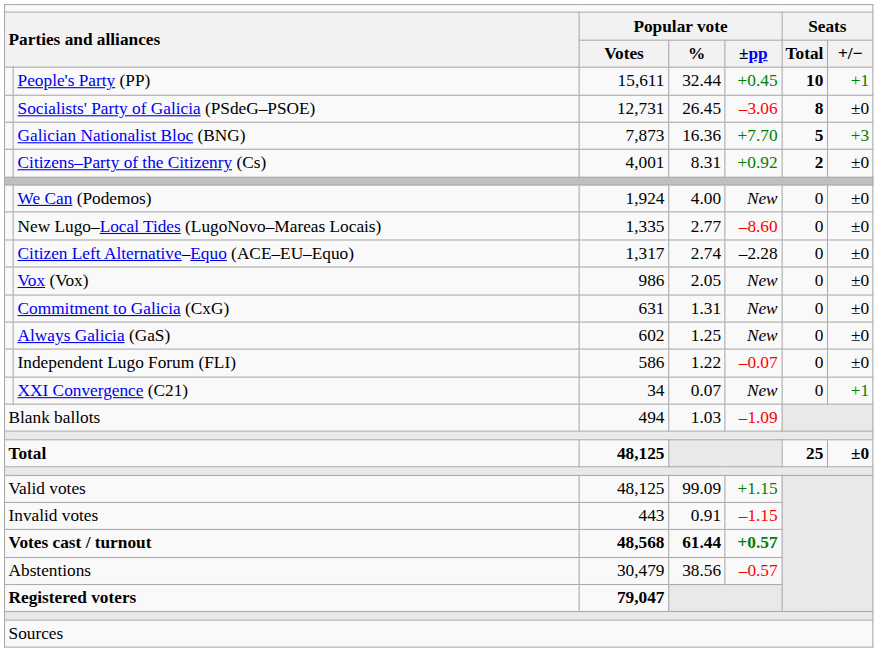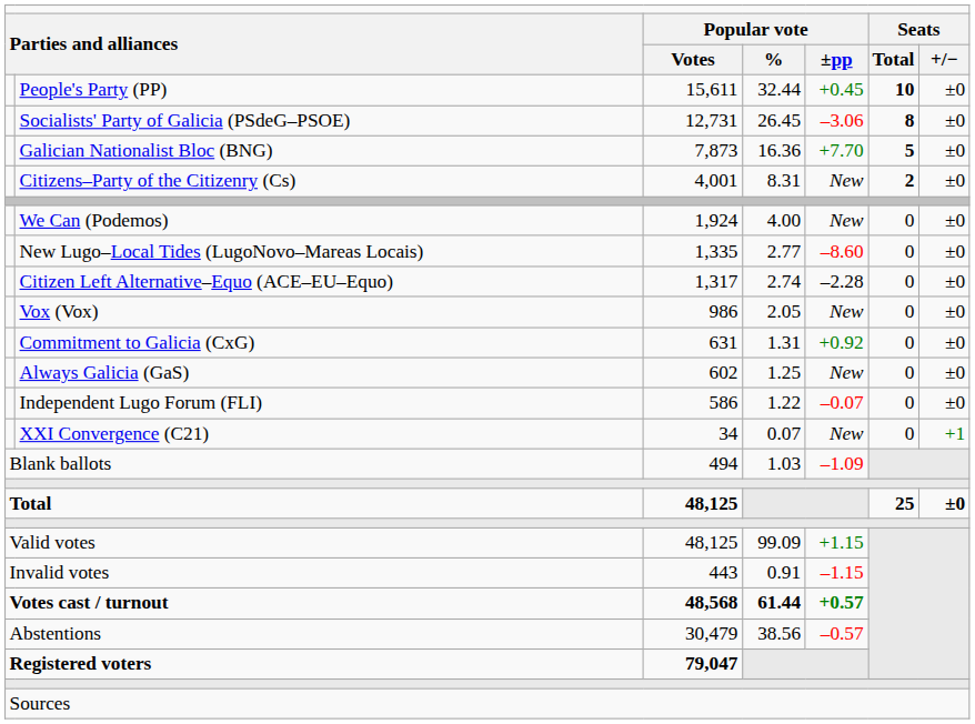 <table class="wikitable" style="text-align:right;">
 <tr>
 <td colspan="7"></td>
 </tr>
 <tr>
 <th style="text-align:left;" rowspan="2" colspan="2" width="525">Parties and alliances</th>
 <th colspan="3">Popular vote</th>
 <th colspan="2">Seats</th>
 </tr>
 <tr>
 <th width="75">Votes</th>
 <th width="45">%</th>
 <th width="45">±<a href='#'>pp</a></th>
 <th width="35">Total</th>
 <th width="35">+/−</th>
 </tr>
 <tr>
 <td width="1" style="color:inherit;background:"></td>
 <td align="left"><a href='#'>People's Party</a> (PP)</td>
 <td>15,611</td>
 <td>32.44</td>
 <td style="color:green;">+0.45</td>
 <td><strong>10</strong></td>
-<td style="color:green;">+1</td>
+<td>±0</td>
 </tr>
 <tr>
 <td style="color:inherit;background:"></td>
 <td align="left"><a href='#'>Socialists' Party of Galicia</a> (PSdeG–PSOE)</td>
 <td>12,731</td>
 <td>26.45</td>
 <td style="color:red;">–3.06</td>
 <td><strong>8</strong></td>
 <td>±0</td>
 </tr>
 <tr>
 <td style="color:inherit;background:"></td>
 <td align="left"><a href='#'>Galician Nationalist Bloc</a> (BNG)</td>
 <td>7,873</td>
 <td>16.36</td>
 <td style="color:green;">+7.70</td>
 <td><strong>5</strong></td>
-<td style="color:green;">+3</td>
+<td>±0</td>
 </tr>
 <tr>
 <td style="color:inherit;background:"></td>
 <td align="left"><a href='#'>Citizens–Party of the Citizenry</a> (Cs)</td>
 <td>4,001</td>
 <td>8.31</td>
-<td style="color:green;">+0.92</td>
+<td><em>New</em></td>
 <td><strong>2</strong></td>
 <td>±0</td>
 </tr>
 <tr>
 <td colspan="7" bgcolor="#C0C0C0"></td>
 </tr>
 <tr>
 <td style="color:inherit;background:"></td>
 <td align="left"><a href='#'>We Can</a> (Podemos)</td>
 <td>1,924</td>
 <td>4.00</td>
 <td><em>New</em></td>
 <td>0</td>
 <td>±0</td>
 </tr>
 <tr>
 <td style="color:inherit;background:"></td>
 <td align="left">New Lugo–<a href='#'>Local Tides</a> (LugoNovo–Mareas Locais)</td>
 <td>1,335</td>
 <td>2.77</td>
 <td style="color:red;">–8.60</td>
 <td>0</td>
 <td>±0</td>
 </tr>
 <tr>
 <td style="color:inherit;background:"></td>
 <td align="left"><a href='#'>Citizen Left Alternative</a>–<a href='#'>Equo</a> (ACE–EU–Equo)</td>
 <td>1,317</td>
 <td>2.74</td>
 <td>–2.28</td>
 <td>0</td>
 <td>±0</td>
 </tr>
 <tr>
 <td style="color:inherit;background:"></td>
 <td align="left"><a href='#'>Vox</a> (Vox)</td>
 <td>986</td>
 <td>2.05</td>
 <td><em>New</em></td>
 <td>0</td>
 <td>±0</td>
 </tr>
 <tr>
 <td style="color:inherit;background:"></td>
 <td align="left"><a href='#'>Commitment to Galicia</a> (CxG)</td>
 <td>631</td>
 <td>1.31</td>
-<td><em>New</em></td>
+<td style="color:green;">+0.92</td>
 <td>0</td>
 <td>±0</td>
 </tr>
 <tr>
 <td style="color:inherit;background:"></td>
 <td align="left"><a href='#'>Always Galicia</a> (GaS)</td>
 <td>602</td>
 <td>1.25</td>
 <td><em>New</em></td>
 <td>0</td>
 <td>±0</td>
 </tr>
 <tr>
 <td style="color:inherit;background:"></td>
 <td align="left">Independent Lugo Forum (FLI)</td>
 <td>586</td>
 <td>1.22</td>
 <td style="color:red;">–0.07</td>
 <td>0</td>
 <td>±0</td>
 </tr>
 <tr>
 <td style="color:inherit;background:"></td>
 <td align="left"><a href='#'>XXI Convergence</a> (C21)</td>
 <td>34</td>
 <td>0.07</td>
 <td><em>New</em></td>
 <td>0</td>
 <td style="color:green;">+1</td>
 </tr>
 <tr>
 <td align="left" colspan="2">Blank ballots</td>
 <td>494</td>
 <td>1.03</td>
 <td style="color:red;">–1.09</td>
 <td bgcolor="#E9E9E9" colspan="2"></td>
 </tr>
 <tr>
 <td colspan="7" bgcolor="#E9E9E9"></td>
 </tr>
 <tr style="font-weight:bold;">
 <td align="left" colspan="2">Total</td>
 <td>48,125</td>
 <td bgcolor="#E9E9E9" colspan="2"></td>
 <td>25</td>
 <td>±0</td>
 </tr>
 <tr>
 <td colspan="7" bgcolor="#E9E9E9"></td>
 </tr>
 <tr>
 <td align="left" colspan="2">Valid votes</td>
 <td>48,125</td>
 <td>99.09</td>
 <td style="color:green;">+1.15</td>
 <td bgcolor="#E9E9E9" colspan="2" rowspan="5"></td>
 </tr>
 <tr>
 <td align="left" colspan="2">Invalid votes</td>
 <td>443</td>
 <td>0.91</td>
 <td style="color:red;">–1.15</td>
 </tr>
 <tr style="font-weight:bold;">
 <td align="left" colspan="2">Votes cast / turnout</td>
 <td>48,568</td>
 <td>61.44</td>
 <td style="color:green;">+0.57</td>
 </tr>
 <tr>
 <td align="left" colspan="2">Abstentions</td>
 <td>30,479</td>
 <td>38.56</td>
 <td style="color:red;">–0.57</td>
 </tr>
 <tr style="font-weight:bold;">
 <td align="left" colspan="2">Registered voters</td>
 <td>79,047</td>
 <td bgcolor="#E9E9E9" colspan="2"></td>
 </tr>
 <tr>
 <td colspan="7" bgcolor="#E9E9E9"></td>
 </tr>
 <tr>
 <td align="left" colspan="7">Sources</td>
 </tr>
 </table>
